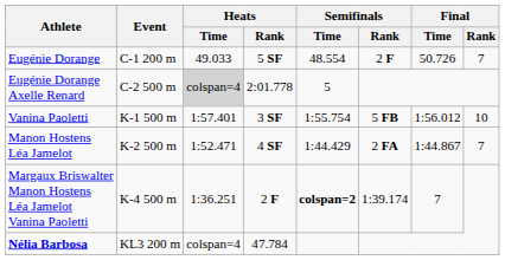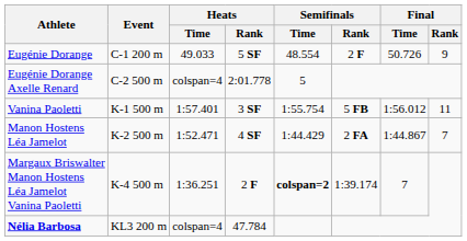 <table class=wikitable style="font-size:90%">
 <tr>
 <th rowspan="2">Athlete</th>
 <th rowspan="2">Event</th>
 <th colspan=2>Heats</th>
 <th colspan=2>Semifinals</th>
 <th colspan=2>Final</th>
 </tr>
 <tr style="font-size:95%">
 <th>Time</th>
 <th>Rank</th>
 <th>Time</th>
 <th>Rank</th>
 <th>Time</th>
 <th>Rank</th>
 </tr>
 <tr align=center>
 <td align=left><a href='#'>Eugénie Dorange</a></td>
 <td align=left>C-1 200 m</td>
 <td>49.033</td>
 <td>5 <strong>SF</strong></td>
 <td>48.554</td>
 <td>2 <strong>F</strong></td>
 <td>50.726</td>
-<td>7</td>
+<td>9</td>
 </tr>
 <tr align=center>
 <td align=left><a href='#'>Eugénie Dorange</a><br><a href='#'>Axelle Renard</a></td>
 <td align=left>C-2 500 m</td>
-<td style="background: lightgrey;">colspan=4</td>
+<td>colspan=4</td>
 <td>2:01.778</td>
 <td>5</td>
 </tr>
 <tr align=center>
 <td align=left><a href='#'>Vanina Paoletti</a></td>
 <td align=left>K-1 500 m</td>
 <td>1:57.401</td>
 <td>3 <strong>SF</strong></td>
 <td>1:55.754</td>
 <td>5 <strong>FB</strong></td>
 <td>1:56.012</td>
-<td>10</td>
+<td>11</td>
 </tr>
 <tr align=center>
 <td align=left><a href='#'>Manon Hostens</a><br><a href='#'>Léa Jamelot</a></td>
 <td align=left>K-2 500 m</td>
 <td>1:52.471</td>
 <td>4 <strong>SF</strong></td>
 <td>1:44.429</td>
 <td>2 <strong>FA</strong></td>
 <td>1:44.867</td>
 <td>7</td>
 </tr>
 <tr align=center>
 <td align=left><a href='#'>Margaux Briswalter</a><br><a href='#'>Manon Hostens</a><br><a href='#'>Léa Jamelot</a><br><a href='#'>Vanina Paoletti</a></td>
 <td align=left>K-4 500 m</td>
 <td>1:36.251</td>
 <td>2 <strong>F</strong></td>
 <td><strong>colspan=2</strong></td>
 <td>1:39.174</td>
 <td>7</td>
 </tr>
 <tr align=center>
 <td align=left><strong><a href='#'>Nélia Barbosa</a></strong></td>
 <td align=left>KL3 200 m</td>
 <td>colspan=4</td>
 <td>47.784</td>
 <td></td>
 </tr>
 </table>
